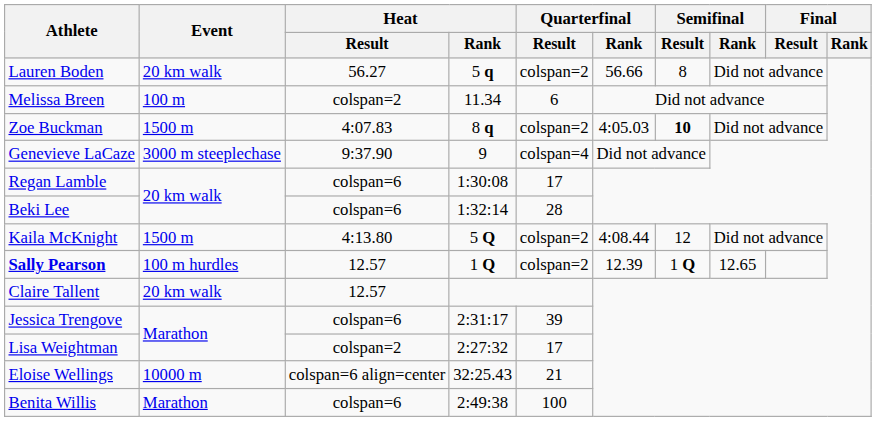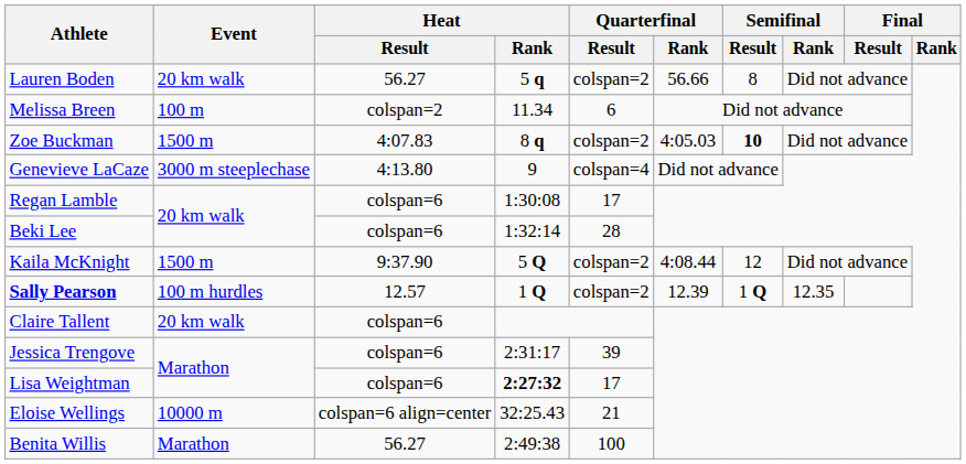 <table class="wikitable" style="font-size:90%">
 <tr>
 <th rowspan="2">Athlete</th>
 <th rowspan="2">Event</th>
 <th colspan="2">Heat</th>
 <th colspan="2">Quarterfinal</th>
 <th colspan="2">Semifinal</th>
 <th colspan="2">Final</th>
 </tr>
 <tr style="font-size:95%">
 <th>Result</th>
 <th>Rank</th>
 <th>Result</th>
 <th>Rank</th>
 <th>Result</th>
 <th>Rank</th>
 <th>Result</th>
 <th>Rank</th>
 </tr>
 <tr align=center>
 <td align=left><a href='#'>Lauren Boden</a></td>
 <td align=left><a href='#'>20 km walk</a></td>
 <td>56.27</td>
 <td>5 <strong>q</strong></td>
 <td>colspan=2 </td>
 <td>56.66</td>
 <td>8</td>
 <td colspan=2>Did not advance</td>
 </tr>
 <tr align=center>
 <td align=left><a href='#'>Melissa Breen</a></td>
 <td align=left><a href='#'>100 m</a></td>
 <td>colspan=2 </td>
 <td>11.34</td>
 <td>6</td>
 <td colspan=4>Did not advance</td>
 </tr>
 <tr align=center>
 <td align=left><a href='#'>Zoe Buckman</a></td>
 <td align=left><a href='#'>1500 m</a></td>
 <td>4:07.83</td>
 <td>8 <strong>q</strong></td>
 <td>colspan=2 </td>
 <td>4:05.03</td>
 <td><strong>10</strong></td>
 <td colspan=2>Did not advance</td>
 </tr>
 <tr align=center>
 <td align=left><a href='#'>Genevieve LaCaze</a></td>
 <td align=left><a href='#'>3000 m steeplechase</a></td>
-<td>9:37.90</td>
+<td>4:13.80</td>
 <td>9</td>
 <td>colspan=4 </td>
 <td colspan=2>Did not advance</td>
 </tr>
 <tr align=center>
 <td align=left><a href='#'>Regan Lamble</a></td>
 <td align=left rowspan=2><a href='#'>20 km walk</a></td>
 <td>colspan=6 </td>
 <td>1:30:08</td>
 <td>17</td>
 </tr>
 <tr align=center>
 <td align=left><a href='#'>Beki Lee</a></td>
 <td>colspan=6 </td>
 <td>1:32:14</td>
 <td>28</td>
 </tr>
 <tr align=center>
 <td align=left><a href='#'>Kaila McKnight</a></td>
 <td align=left><a href='#'>1500 m</a></td>
-<td>4:13.80</td>
+<td>9:37.90</td>
 <td>5 <strong>Q</strong></td>
 <td>colspan=2 </td>
 <td>4:08.44</td>
 <td>12</td>
 <td colspan=2>Did not advance</td>
 </tr>
 <tr align=center>
 <td align=left><strong><a href='#'>Sally Pearson</a></strong></td>
 <td align=left><a href='#'>100 m hurdles</a></td>
 <td>12.57</td>
 <td>1 <strong>Q</strong></td>
 <td>colspan=2 </td>
 <td>12.39</td>
 <td>1 <strong>Q</strong></td>
-<td>12.65 </td>
+<td>12.35 </td>
 <td></td>
 </tr>
 <tr align=center>
 <td align=left><a href='#'>Claire Tallent</a></td>
 <td align=left><a href='#'>20 km walk</a></td>
-<td>12.57</td>
+<td>colspan=6 </td>
 <td colspan=2></td>
 </tr>
 <tr align=center>
 <td align=left><a href='#'>Jessica Trengove</a></td>
 <td align=left rowspan=2><a href='#'>Marathon</a></td>
 <td>colspan=6 </td>
 <td>2:31:17</td>
 <td>39</td>
 </tr>
 <tr align=center>
 <td align=left><a href='#'>Lisa Weightman</a></td>
-<td>colspan=2 </td>
-<td>2:27:32</td>
+<td>colspan=6 </td>
+<td><strong>2:27:32</strong></td>
 <td>17</td>
 </tr>
 <tr align=center>
 <td align=left><a href='#'>Eloise Wellings</a></td>
 <td align=left><a href='#'>10000 m</a></td>
 <td>colspan=6 align=center </td>
 <td>32:25.43</td>
 <td>21</td>
 </tr>
 <tr align=center>
 <td align=left><a href='#'>Benita Willis</a></td>
 <td align=left><a href='#'>Marathon</a></td>
-<td>colspan=6 </td>
+<td>56.27</td>
 <td>2:49:38</td>
 <td>100</td>
 </tr>
 </table>
